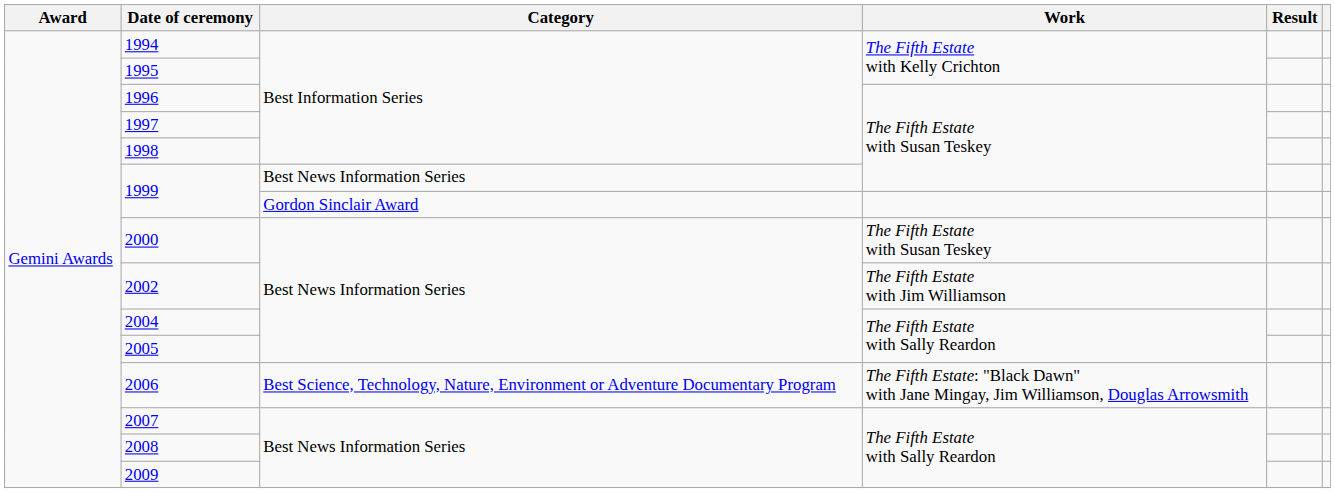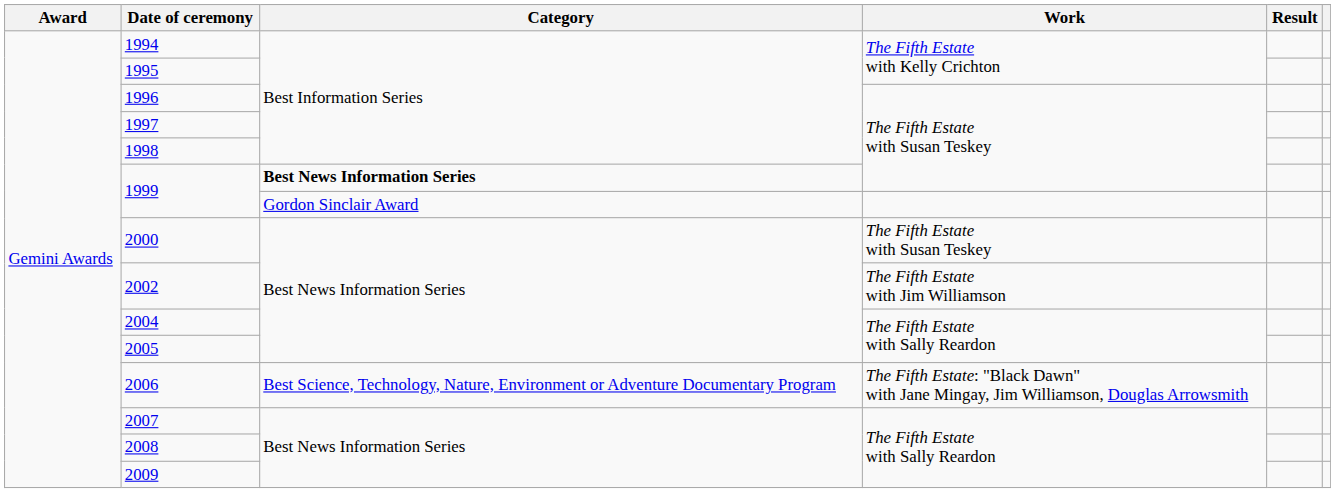 <table class="wikitable plainrowheaders sortable" width=100%>
 <tr>
 <th scope="col">Award</th>
 <th scope="col">Date of ceremony</th>
 <th scope="col">Category</th>
 <th scope="col">Work</th>
 <th scope="col">Result</th>
 <th scope="col" class="unsortable"></th>
 </tr>
 <tr>
 <td rowspan=15><a href='#'>Gemini Awards</a></td>
 <td><a href='#'>1994</a></td>
 <td rowspan=5>Best Information Series</td>
 <td rowspan=2><em><a href='#'>The Fifth Estate</a></em><br>with Kelly Crichton</td>
 <td></td>
 <td></td>
 </tr>
 <tr>
 <td><a href='#'>1995</a></td>
 <td></td>
 <td></td>
 </tr>
 <tr>
 <td><a href='#'>1996</a></td>
 <td rowspan=4><em>The Fifth Estate</em><br>with Susan Teskey</td>
 <td></td>
 <td></td>
 </tr>
 <tr>
 <td><a href='#'>1997</a></td>
 <td></td>
 <td></td>
 </tr>
 <tr>
 <td><a href='#'>1998</a></td>
 <td></td>
 <td></td>
 </tr>
 <tr>
 <td rowspan=2><a href='#'>1999</a></td>
-<td>Best News Information Series</td>
+<td><strong>Best News Information Series</strong></td>
 <td></td>
 <td></td>
 </tr>
 <tr>
 <td><a href='#'>Gordon Sinclair Award</a></td>
 <td></td>
 <td></td>
 <td></td>
 </tr>
 <tr>
 <td><a href='#'>2000</a></td>
 <td rowspan=4>Best News Information Series</td>
 <td><em>The Fifth Estate</em><br>with Susan Teskey</td>
 <td></td>
 <td></td>
 </tr>
 <tr>
 <td><a href='#'>2002</a></td>
 <td><em>The Fifth Estate</em><br>with Jim Williamson</td>
 <td></td>
 <td></td>
 </tr>
 <tr>
 <td><a href='#'>2004</a></td>
 <td rowspan=2><em>The Fifth Estate</em><br>with Sally Reardon</td>
 <td></td>
 <td></td>
 </tr>
 <tr>
 <td><a href='#'>2005</a></td>
 <td></td>
 <td></td>
 </tr>
 <tr>
 <td><a href='#'>2006</a></td>
 <td><a href='#'>Best Science, Technology, Nature, Environment or Adventure Documentary Program</a></td>
 <td><em>The Fifth Estate</em>: "Black Dawn"<br>with Jane Mingay, Jim Williamson, <a href='#'>Douglas Arrowsmith</a></td>
 <td></td>
 <td></td>
 </tr>
 <tr>
 <td><a href='#'>2007</a></td>
 <td rowspan=3>Best News Information Series</td>
 <td rowspan=3><em>The Fifth Estate</em><br>with Sally Reardon</td>
 <td></td>
 <td></td>
 </tr>
 <tr>
 <td><a href='#'>2008</a></td>
 <td></td>
 <td></td>
 </tr>
 <tr>
 <td><a href='#'>2009</a></td>
 <td></td>
 <td></td>
 </tr>
 </table>
